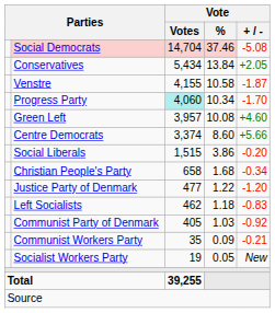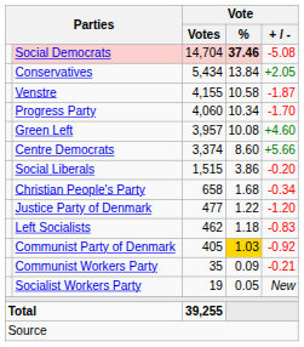 <table class="wikitable" style="text-align:right;">
 <tr>
 <th style="text-align:centre;" rowspan="2" colspan="2" width="225">Parties</th>
 <th colspan="3">Vote</th>
 </tr>
 <tr>
 <th width="15">Votes</th>
 <th width="15">%</th>
 <th width="15">+ / -</th>
 </tr>
 <tr>
 <td width="2" style="color:inherit;background:"></td>
 <td bgcolor=#fbd0ce  align="left"><a href='#'>Social Democrats</a></td>
 <td bgcolor=#fbd0ce>14,704</td>
-<td bgcolor=#fbd0ce>37.46</td>
+<td bgcolor=#fbd0ce><strong>37.46</strong></td>
 <td style=color:red;>-5.08</td>
 </tr>
 <tr>
 <td width="2" style="color:inherit;background:"></td>
 <td align="left"><a href='#'>Conservatives</a></td>
 <td>5,434</td>
 <td>13.84</td>
 <td style=color:green;>+2.05</td>
 </tr>
 <tr>
 <td width="2" style="color:inherit;background:"></td>
 <td align="left"><a href='#'>Venstre</a></td>
 <td>4,155</td>
 <td>10.58</td>
 <td style=color:red;>-1.87</td>
 </tr>
 <tr>
 <td width="2" style="color:inherit;background:"></td>
 <td align="left"><a href='#'>Progress Party</a></td>
-<td style="background: paleturquoise;">4,060</td>
+<td>4,060</td>
 <td>10.34</td>
 <td style=color:red;>-1.70</td>
 </tr>
 <tr>
 <td width="2" style="color:inherit;background:"></td>
 <td align="left"><a href='#'>Green Left</a></td>
 <td>3,957</td>
 <td>10.08</td>
 <td style=color:green;>+4.60</td>
 </tr>
 <tr>
 <td width="2" style="color:inherit;background:"></td>
 <td align="left"><a href='#'>Centre Democrats</a></td>
 <td>3,374</td>
 <td>8.60</td>
 <td style=color:green;>+5.66</td>
 </tr>
 <tr>
 <td width="2" style="color:inherit;background:"></td>
 <td align="left"><a href='#'>Social Liberals</a></td>
 <td>1,515</td>
 <td>3.86</td>
 <td style=color:red;>-0.20</td>
 </tr>
 <tr>
 <td width="2" style="color:inherit;background:"></td>
 <td align="left"><a href='#'>Christian People's Party</a></td>
 <td>658</td>
 <td>1.68</td>
 <td style=color:red;>-0.34</td>
 </tr>
 <tr>
 <td width="2" style="color:inherit;background:"></td>
 <td align="left"><a href='#'>Justice Party of Denmark</a></td>
 <td>477</td>
 <td>1.22</td>
 <td style=color:red;>-1.20</td>
 </tr>
 <tr>
 <td width="2" style="color:inherit;background:"></td>
 <td align="left"><a href='#'>Left Socialists</a></td>
 <td>462</td>
 <td>1.18</td>
 <td style=color:red;>-0.83</td>
 </tr>
 <tr>
 <td width="2" style="color:inherit;background:"></td>
 <td align="left"><a href='#'>Communist Party of Denmark</a></td>
 <td>405</td>
-<td>1.03</td>
+<td style="background: gold;">1.03</td>
 <td style=color:red;>-0.92</td>
 </tr>
 <tr>
 <td width="2" style="color:inherit;background:"></td>
 <td align="left"><a href='#'>Communist Workers Party</a></td>
 <td>35</td>
 <td>0.09</td>
 <td style=color:red;>-0.21</td>
 </tr>
 <tr>
 <td width="2" style="color:inherit;background:"></td>
 <td align="left"><a href='#'>Socialist Workers Party</a></td>
 <td>19</td>
 <td>0.05</td>
 <td><em>New</em></td>
 </tr>
 <tr>
 <td colspan="7" bgcolor="#E9E9E9"></td>
 </tr>
 <tr>
 <td align="left" colspan="2"><strong>Total</strong></td>
 <td><strong>39,255</strong></td>
 <td bgcolor="#E9E9E9" colspan="2"></td>
 </tr>
 <tr>
 <td align="left" colspan="6">Source</td>
 </tr>
 </table>
